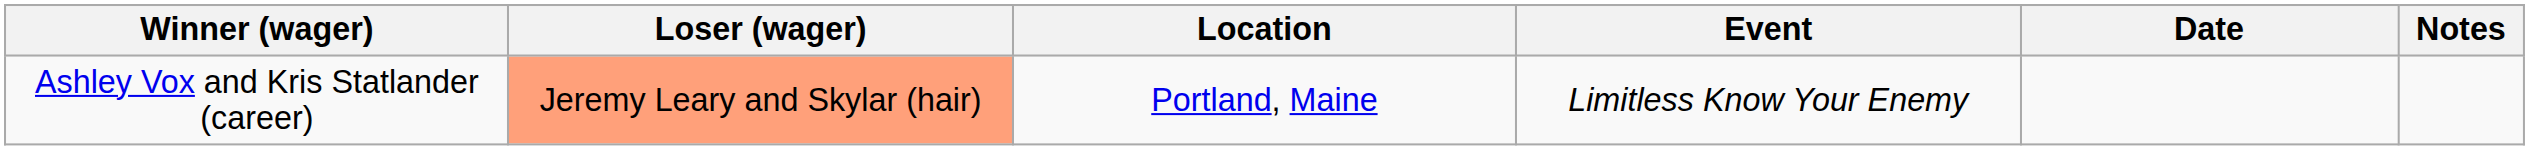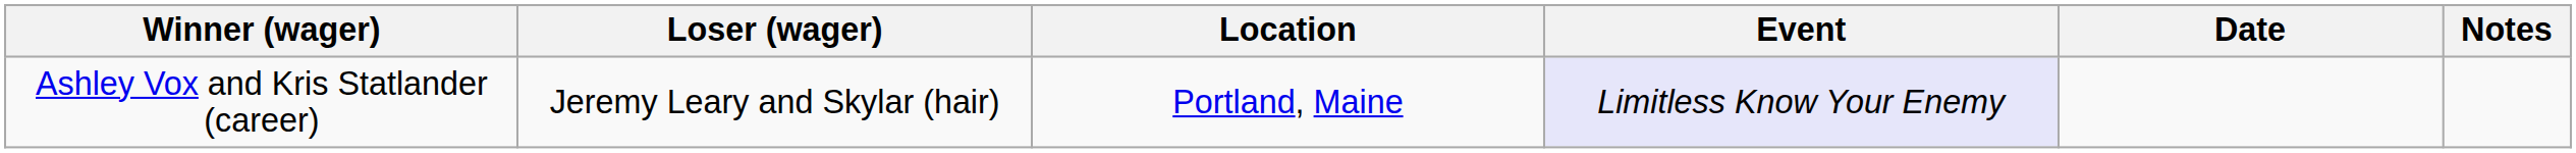 <table class="wikitable" style="text-align: center">
 <tr>
 <th width=20% scope="col">Winner (wager)</th>
 <th width=20% scope="col">Loser (wager)</th>
 <th width=20% scope="col">Location</th>
 <th width=20% scope="col">Event</th>
 <th width=15% scope="col">Date</th>
 <th class="unsortable" width=5% scope="col">Notes</th>
 </tr>
 <tr>
 <td><a href='#'>Ashley Vox</a> and Kris Statlander (career)</td>
-<td style="background: lightsalmon;">Jeremy Leary and Skylar (hair)</td>
+<td>Jeremy Leary and Skylar (hair)</td>
 <td><a href='#'>Portland</a>, <a href='#'>Maine</a></td>
-<td><em>Limitless Know Your Enemy</em></td>
+<td style="background: lavender;"><em>Limitless Know Your Enemy</em></td>
 <td></td>
 <td></td>
 </tr>
 </table>
